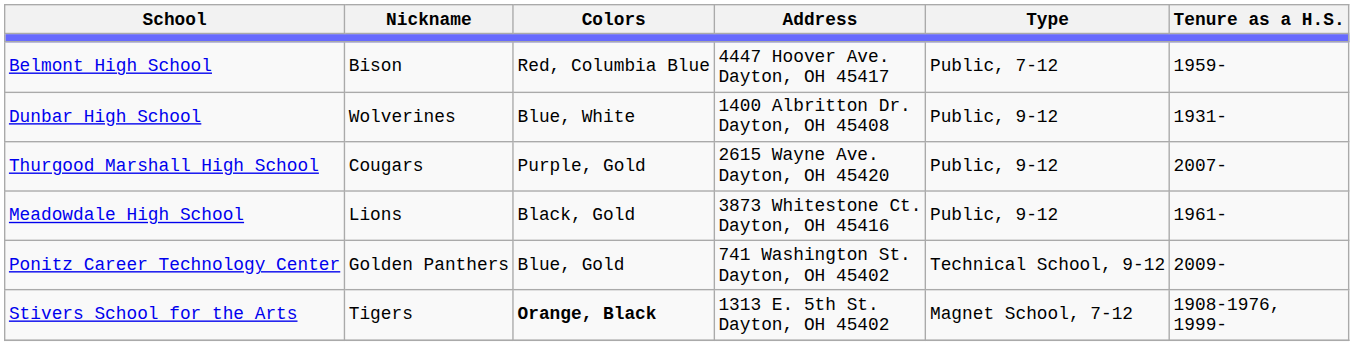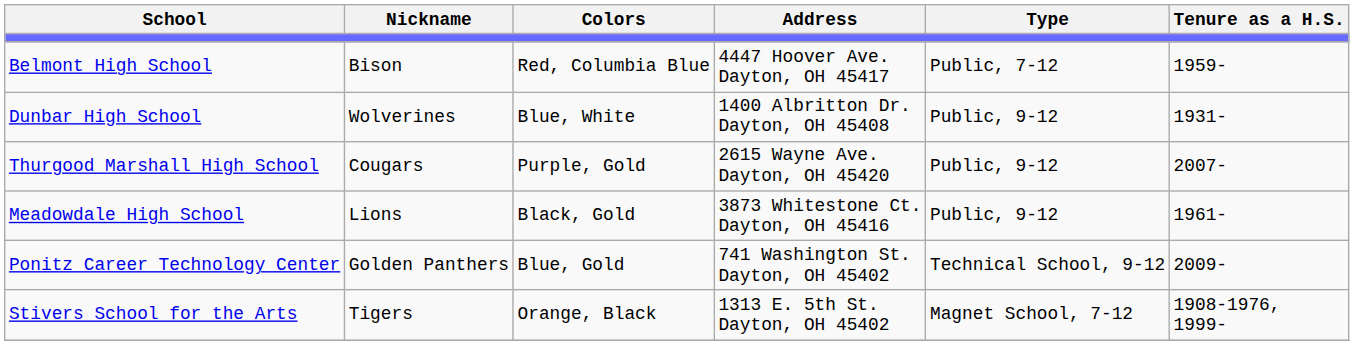 <table class="wikitable sortable">
 <tr>
 <th>School</th>
 <th>Nickname</th>
 <th>Colors</th>
 <th>Address</th>
 <th>Type</th>
 <th>Tenure as a H.S.</th>
 </tr>
 <tr>
 <th colspan="7" style="background:#676AFE;"></th>
 </tr>
 <tr>
 <td><a href='#'>Belmont High School</a></td>
 <td>Bison</td>
 <td>Red, Columbia Blue<br>  </td>
 <td>4447 Hoover Ave.<br>Dayton, OH 45417</td>
 <td>Public, 7-12</td>
 <td>1959-</td>
 </tr>
 <tr>
 <td><a href='#'>Dunbar High School</a></td>
 <td>Wolverines</td>
 <td>Blue, White<br>  </td>
 <td>1400 Albritton Dr.<br>Dayton, OH 45408</td>
 <td>Public, 9-12</td>
 <td>1931-</td>
 </tr>
 <tr>
 <td><a href='#'>Thurgood Marshall High School</a></td>
 <td>Cougars</td>
 <td>Purple, Gold<br>  </td>
 <td>2615 Wayne Ave.<br>Dayton, OH 45420</td>
 <td>Public, 9-12</td>
 <td>2007-</td>
 </tr>
 <tr>
 <td><a href='#'>Meadowdale High School</a></td>
 <td>Lions</td>
 <td>Black, Gold<br>  </td>
 <td>3873 Whitestone Ct.<br>Dayton, OH 45416</td>
 <td>Public, 9-12</td>
 <td>1961-</td>
 </tr>
 <tr>
 <td><a href='#'>Ponitz Career Technology Center</a></td>
 <td>Golden Panthers</td>
 <td>Blue, Gold<br>  </td>
 <td>741 Washington St.<br>Dayton, OH 45402</td>
 <td>Technical School, 9-12</td>
 <td>2009-</td>
 </tr>
 <tr>
 <td><a href='#'>Stivers School for the Arts</a></td>
 <td>Tigers</td>
-<td><strong>Orange, Black<br>  </strong></td>
+<td>Orange, Black<br>  </td>
 <td>1313 E. 5th St.<br>Dayton, OH 45402</td>
 <td>Magnet School, 7-12</td>
 <td>1908-1976,<br>1999-</td>
 </tr>
 <tr>
 </tr>
 </table>
